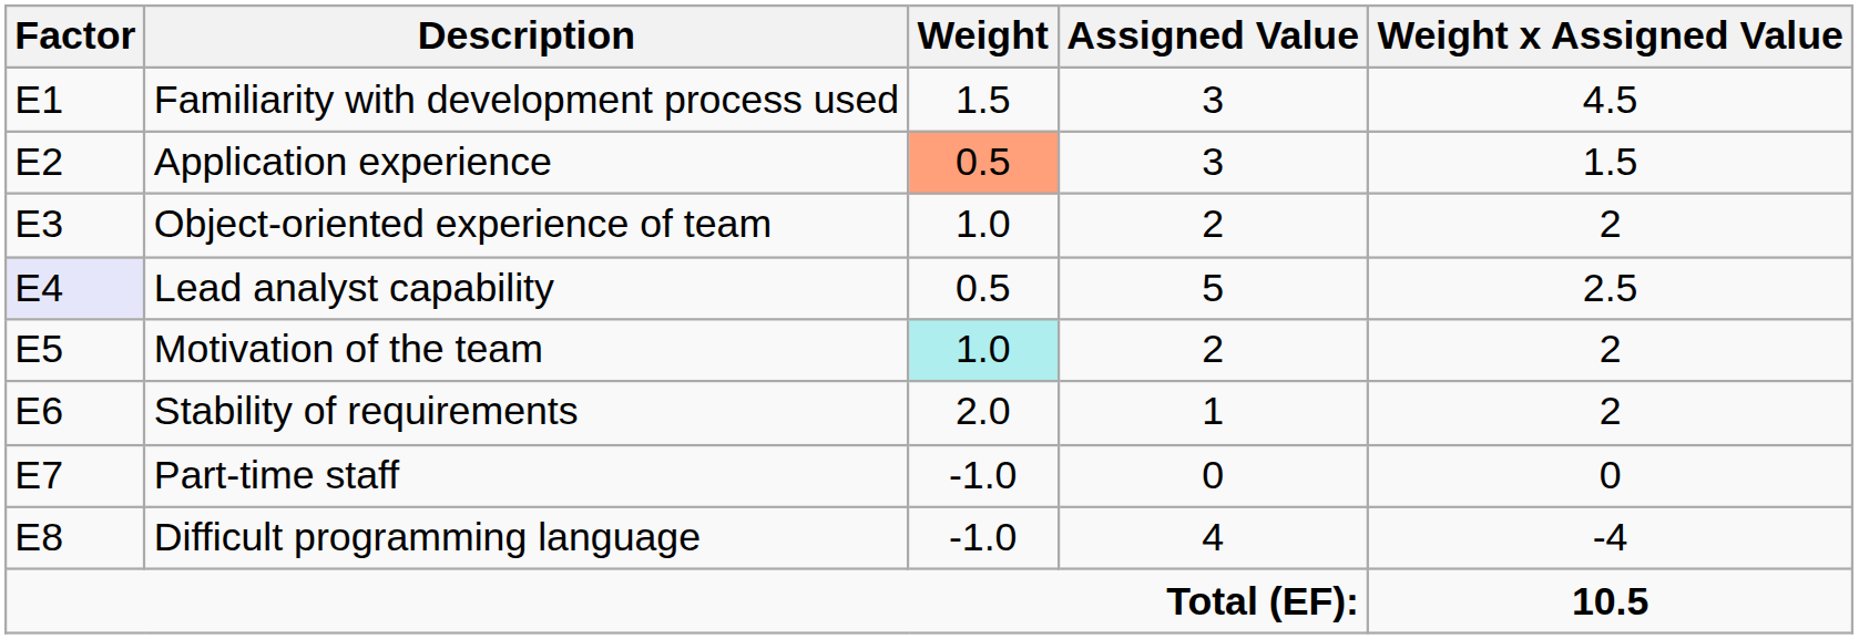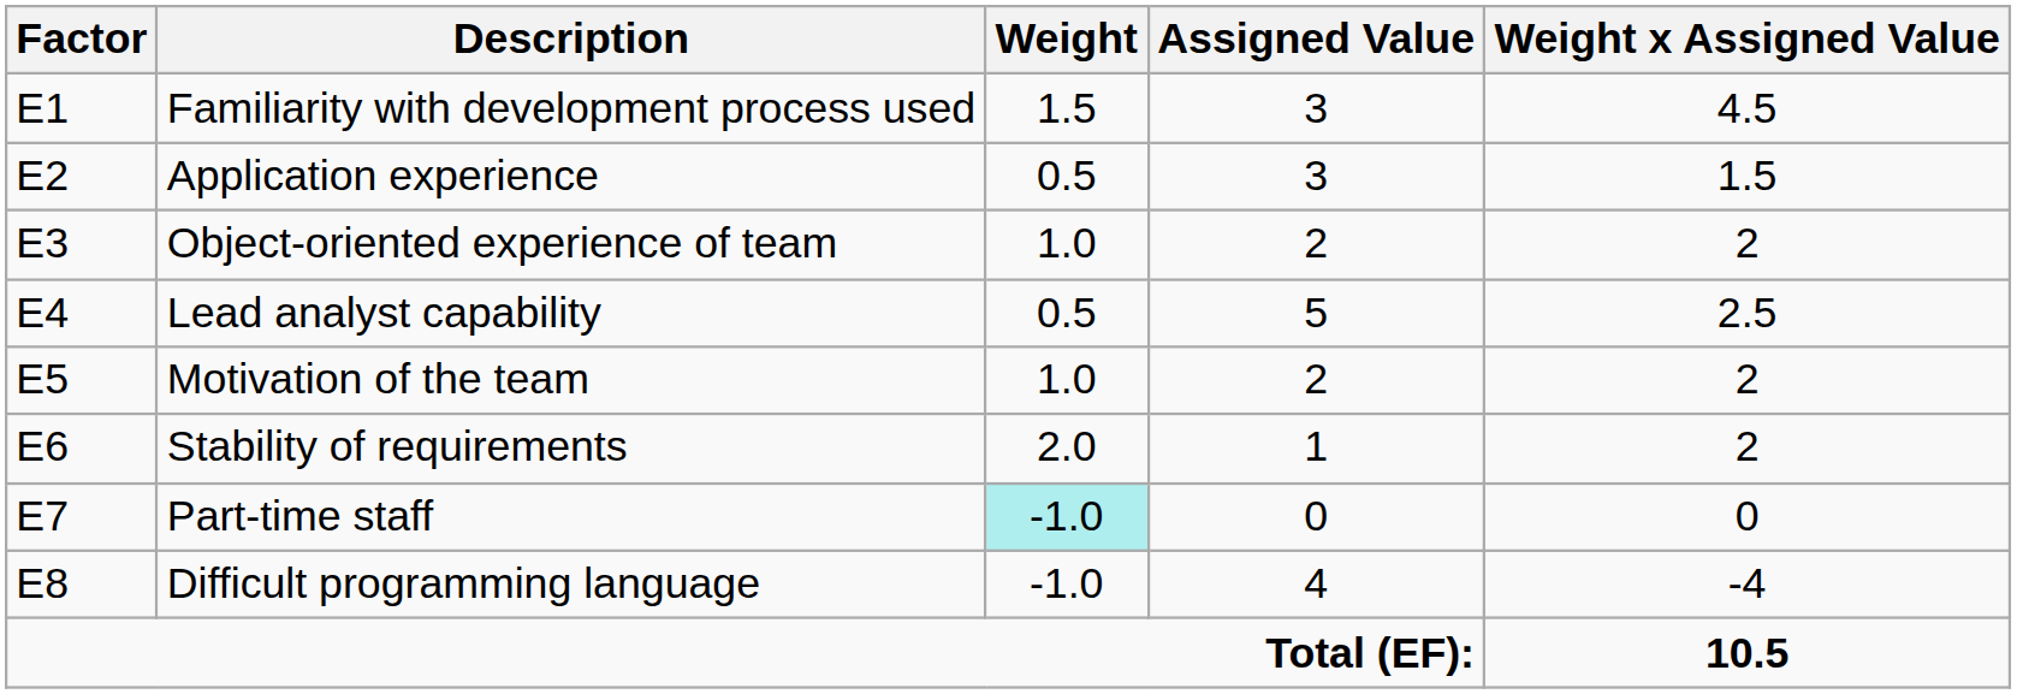 <table class="wikitable">
 <tr>
 <th>Factor</th>
 <th>Description</th>
 <th>Weight</th>
 <th>Assigned Value</th>
 <th>Weight x Assigned Value</th>
 </tr>
 <tr>
 <td>E1</td>
 <td>Familiarity with development process used</td>
 <td style="text-align: center;">1.5</td>
 <td style="text-align: center;">3</td>
 <td style="text-align: center;">4.5</td>
 </tr>
 <tr>
 <td>E2</td>
 <td>Application experience</td>
-<td style="background: lightsalmon; text-align: center;">0.5</td>
+<td style="text-align: center;">0.5</td>
 <td style="text-align: center;">3</td>
 <td style="text-align: center;">1.5</td>
 </tr>
 <tr>
 <td>E3</td>
 <td>Object-oriented experience of team</td>
 <td style="text-align: center;">1.0</td>
 <td style="text-align: center;">2</td>
 <td style="text-align: center;">2</td>
 </tr>
 <tr>
-<td style="background: lavender;">E4</td>
+<td>E4</td>
 <td>Lead analyst capability</td>
 <td style="text-align: center;">0.5</td>
 <td style="text-align: center;">5</td>
 <td style="text-align: center;">2.5</td>
 </tr>
 <tr>
 <td>E5</td>
 <td>Motivation of the team</td>
-<td style="background: paleturquoise; text-align: center;">1.0</td>
+<td style="text-align: center;">1.0</td>
 <td style="text-align: center;">2</td>
 <td style="text-align: center;">2</td>
 </tr>
 <tr>
 <td>E6</td>
 <td>Stability of requirements</td>
 <td style="text-align: center;">2.0</td>
 <td style="text-align: center;">1</td>
 <td style="text-align: center;">2</td>
 </tr>
 <tr>
 <td>E7</td>
 <td>Part-time staff</td>
-<td style="text-align: center;">-1.0</td>
+<td style="background: paleturquoise; text-align: center;">-1.0</td>
 <td style="text-align: center;">0</td>
 <td style="text-align: center;">0</td>
 </tr>
 <tr>
 <td>E8</td>
 <td>Difficult programming language</td>
 <td style="text-align: center;">-1.0</td>
 <td style="text-align: center;">4</td>
 <td style="text-align: center;">-4</td>
 </tr>
 <tr>
 <td colspan="4" style="text-align: right;"><strong>Total (EF): </strong></td>
 <td style="text-align: center;"><strong>10.5</strong></td>
 </tr>
 </table>
